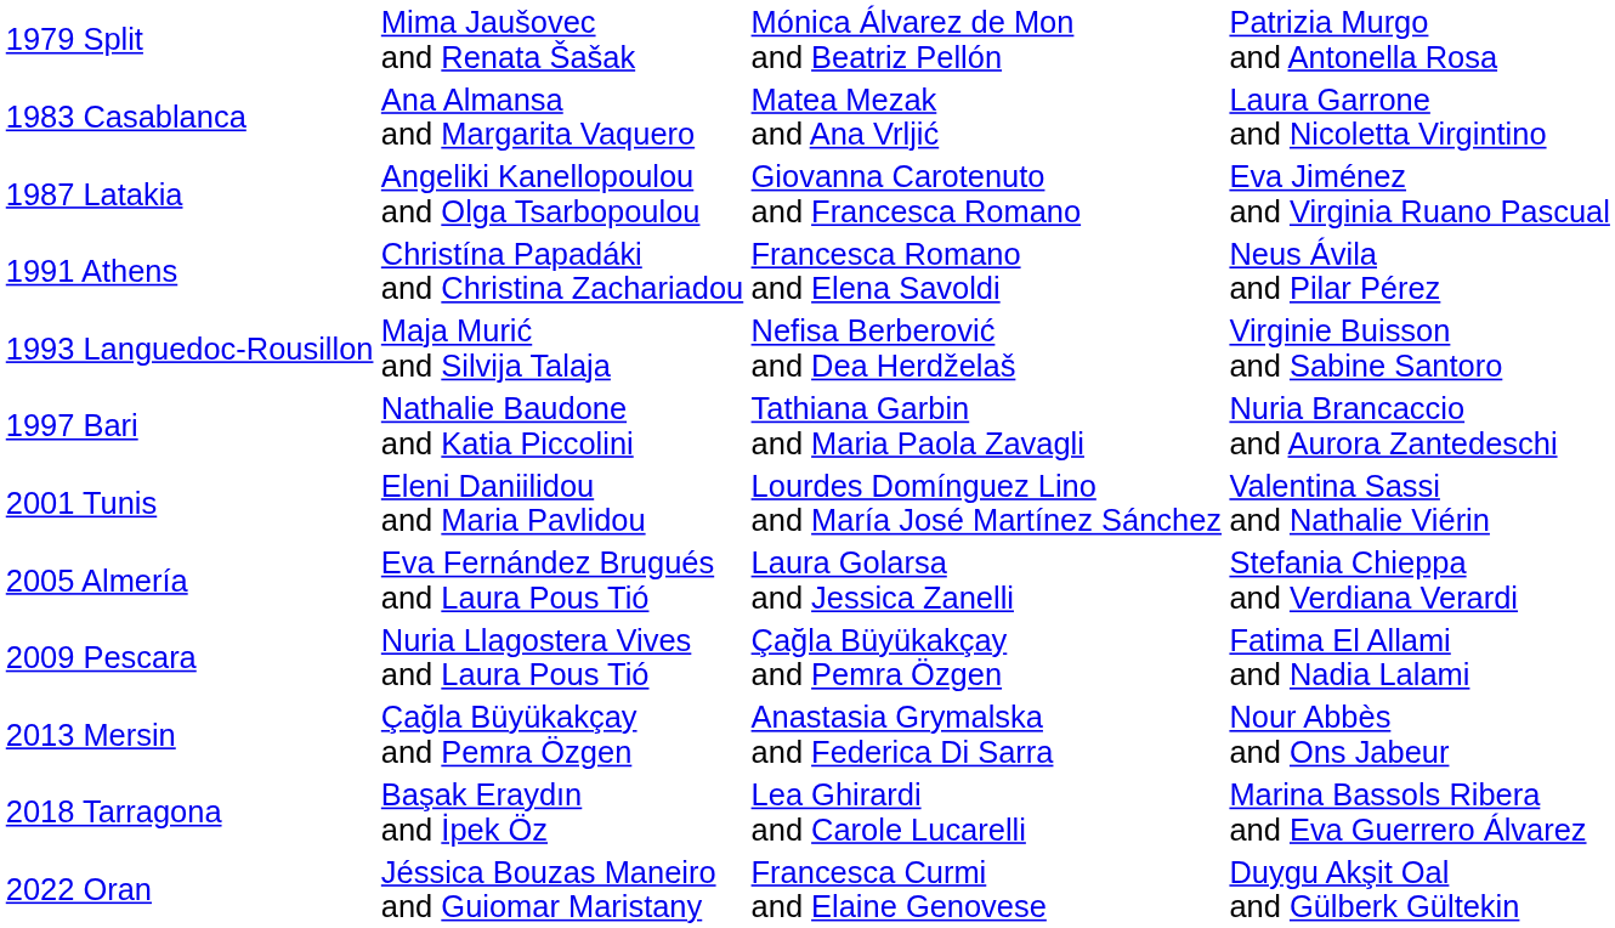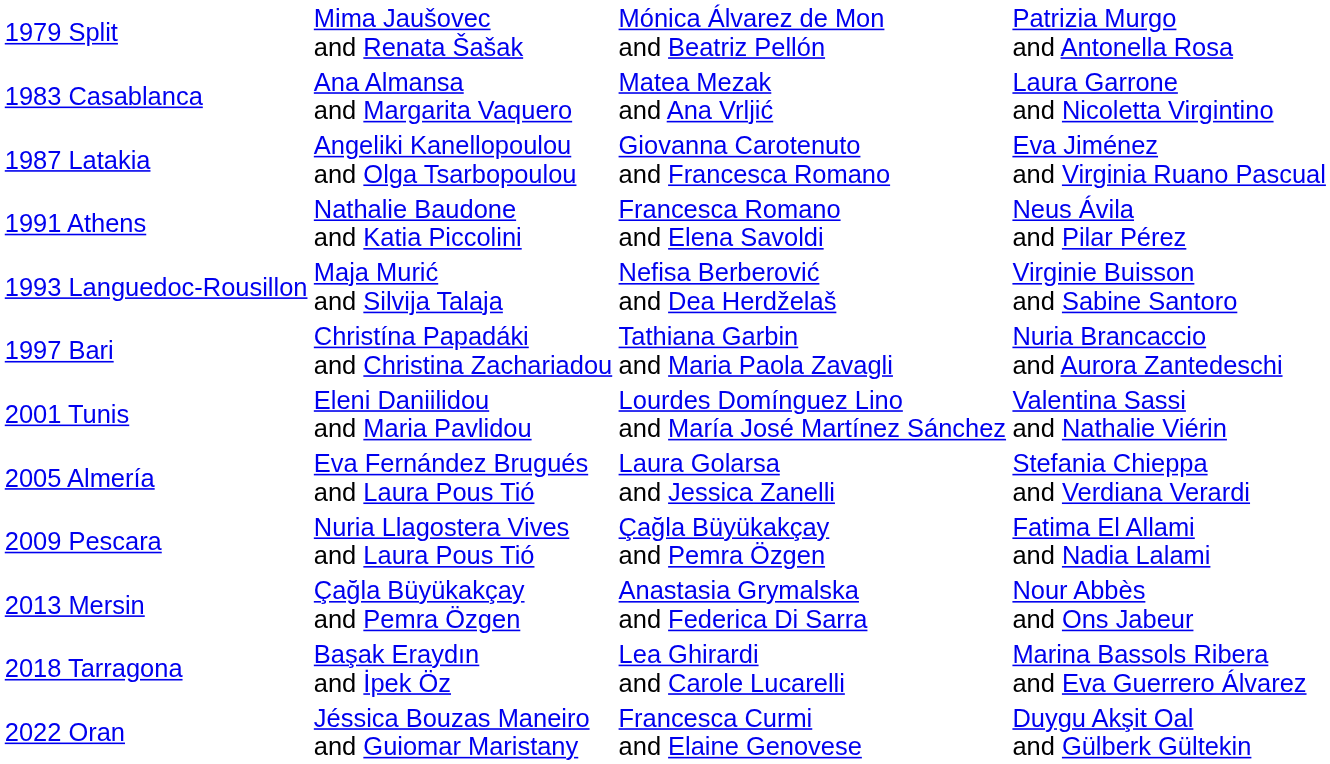 <table>
 <tr>
 <td><a href='#'>1979 Split</a><br></td>
 <td> <a href='#'>Mima Jaušovec</a> <br> and <a href='#'>Renata Šašak</a></td>
 <td> <a href='#'>Mónica Álvarez de Mon</a> <br> and <a href='#'>Beatriz Pellón</a></td>
 <td> <a href='#'>Patrizia Murgo</a> <br> and <a href='#'>Antonella Rosa</a></td>
 </tr>
 <tr>
 <td><a href='#'>1983 Casablanca</a><br></td>
 <td> <a href='#'>Ana Almansa</a> <br> and <a href='#'>Margarita Vaquero</a></td>
 <td> <a href='#'>Matea Mezak</a> <br> and <a href='#'>Ana Vrljić</a></td>
 <td> <a href='#'>Laura Garrone</a> <br> and <a href='#'>Nicoletta Virgintino</a></td>
 </tr>
 <tr>
 <td><a href='#'>1987 Latakia</a><br></td>
 <td> <a href='#'>Angeliki Kanellopoulou</a> <br> and <a href='#'>Olga Tsarbopoulou</a></td>
 <td> <a href='#'>Giovanna Carotenuto</a> <br> and <a href='#'>Francesca Romano</a></td>
 <td> <a href='#'>Eva Jiménez</a> <br> and <a href='#'>Virginia Ruano Pascual</a></td>
 </tr>
 <tr>
 <td><a href='#'>1991 Athens</a><br></td>
-<td> <a href='#'>Christína Papadáki</a> <br> and <a href='#'>Christina Zachariadou</a></td>
+<td> <a href='#'>Nathalie Baudone</a> <br> and <a href='#'>Katia Piccolini</a></td>
 <td> <a href='#'>Francesca Romano</a> <br> and <a href='#'>Elena Savoldi</a></td>
 <td> <a href='#'>Neus Ávila</a> <br> and <a href='#'>Pilar Pérez</a></td>
 </tr>
 <tr>
 <td><a href='#'>1993 Languedoc-Rousillon</a> </td>
 <td> <a href='#'>Maja Murić</a> <br> and <a href='#'>Silvija Talaja</a></td>
 <td> <a href='#'>Nefisa Berberović</a> <br> and <a href='#'>Dea Herdželaš</a></td>
 <td> <a href='#'>Virginie Buisson</a> <br> and <a href='#'>Sabine Santoro</a></td>
 </tr>
 <tr>
 <td><a href='#'>1997 Bari</a><br></td>
-<td> <a href='#'>Nathalie Baudone</a> <br> and <a href='#'>Katia Piccolini</a></td>
+<td> <a href='#'>Christína Papadáki</a> <br> and <a href='#'>Christina Zachariadou</a></td>
 <td> <a href='#'>Tathiana Garbin</a> <br> and <a href='#'>Maria Paola Zavagli</a></td>
 <td> <a href='#'>Nuria Brancaccio</a> <br> and <a href='#'>Aurora Zantedeschi</a></td>
 </tr>
 <tr>
 <td><a href='#'>2001 Tunis</a><br></td>
 <td> <a href='#'>Eleni Daniilidou</a> <br> and <a href='#'>Maria Pavlidou</a></td>
 <td> <a href='#'>Lourdes Domínguez Lino</a> <br> and <a href='#'>María José Martínez Sánchez</a></td>
 <td> <a href='#'>Valentina Sassi</a> <br> and <a href='#'>Nathalie Viérin</a></td>
 </tr>
 <tr>
 <td><a href='#'>2005 Almería</a><br></td>
 <td> <a href='#'>Eva Fernández Brugués</a> <br> and <a href='#'>Laura Pous Tió</a></td>
 <td> <a href='#'>Laura Golarsa</a> <br> and <a href='#'>Jessica Zanelli</a></td>
 <td> <a href='#'>Stefania Chieppa</a> <br> and <a href='#'>Verdiana Verardi</a></td>
 </tr>
 <tr>
 <td><a href='#'>2009 Pescara</a><br></td>
 <td> <a href='#'>Nuria Llagostera Vives</a> <br> and <a href='#'>Laura Pous Tió</a></td>
 <td> <a href='#'>Çağla Büyükakçay</a> <br> and <a href='#'>Pemra Özgen</a></td>
 <td> <a href='#'>Fatima El Allami</a> <br> and <a href='#'>Nadia Lalami</a></td>
 </tr>
 <tr>
 <td><a href='#'>2013 Mersin</a><br></td>
 <td> <a href='#'>Çağla Büyükakçay</a> <br> and <a href='#'>Pemra Özgen</a></td>
 <td> <a href='#'>Anastasia Grymalska</a> <br> and <a href='#'>Federica Di Sarra</a></td>
 <td> <a href='#'>Nour Abbès</a> <br> and <a href='#'>Ons Jabeur</a></td>
 </tr>
 <tr>
 <td><a href='#'>2018 Tarragona</a><br></td>
 <td> <a href='#'>Başak Eraydın</a> <br> and <a href='#'>İpek Öz</a></td>
 <td> <a href='#'>Lea Ghirardi</a> <br> and <a href='#'>Carole Lucarelli</a></td>
 <td> <a href='#'>Marina Bassols Ribera</a> <br> and <a href='#'>Eva Guerrero Álvarez</a></td>
 </tr>
 <tr>
 <td><a href='#'>2022 Oran</a><br></td>
 <td> <a href='#'>Jéssica Bouzas Maneiro</a> <br> and <a href='#'>Guiomar Maristany</a></td>
 <td> <a href='#'>Francesca Curmi</a> <br> and <a href='#'>Elaine Genovese</a></td>
 <td> <a href='#'>Duygu Akşit Oal</a> <br> and <a href='#'>Gülberk Gültekin</a></td>
 </tr>
 </table>
